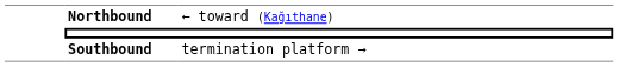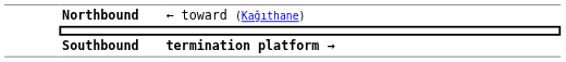 <table table border=0 cellspacing=0 cellpadding=3>
 <tr>
 <td style="border-top:solid 1px gray;border-bottom:solid 1px gray;" width=50 rowspan=3 valign=top></td>
 <td style="border-top:solid 1px gray;" width=100><strong>Northbound</strong></td>
 <td style="border-top:solid 1px gray;" width=400>←  toward  <small>(<a href='#'>Kağıthane</a>)</small></td>
 </tr>
 <tr>
 <td style="border-top:solid 2px black;border-right:solid 2px black;border-left:solid 2px black;border-bottom:solid 2px black;text-align:center;" colspan=2></td>
 </tr>
 <tr>
 <td style="border-bottom:solid 1px gray;"><strong>Southbound</strong></td>
-<td style="border-bottom:solid 1px gray;"> termination platform →</td>
+<td style="border-bottom:solid 1px gray;"><strong> termination platform →</strong></td>
 </tr>
 </table>
